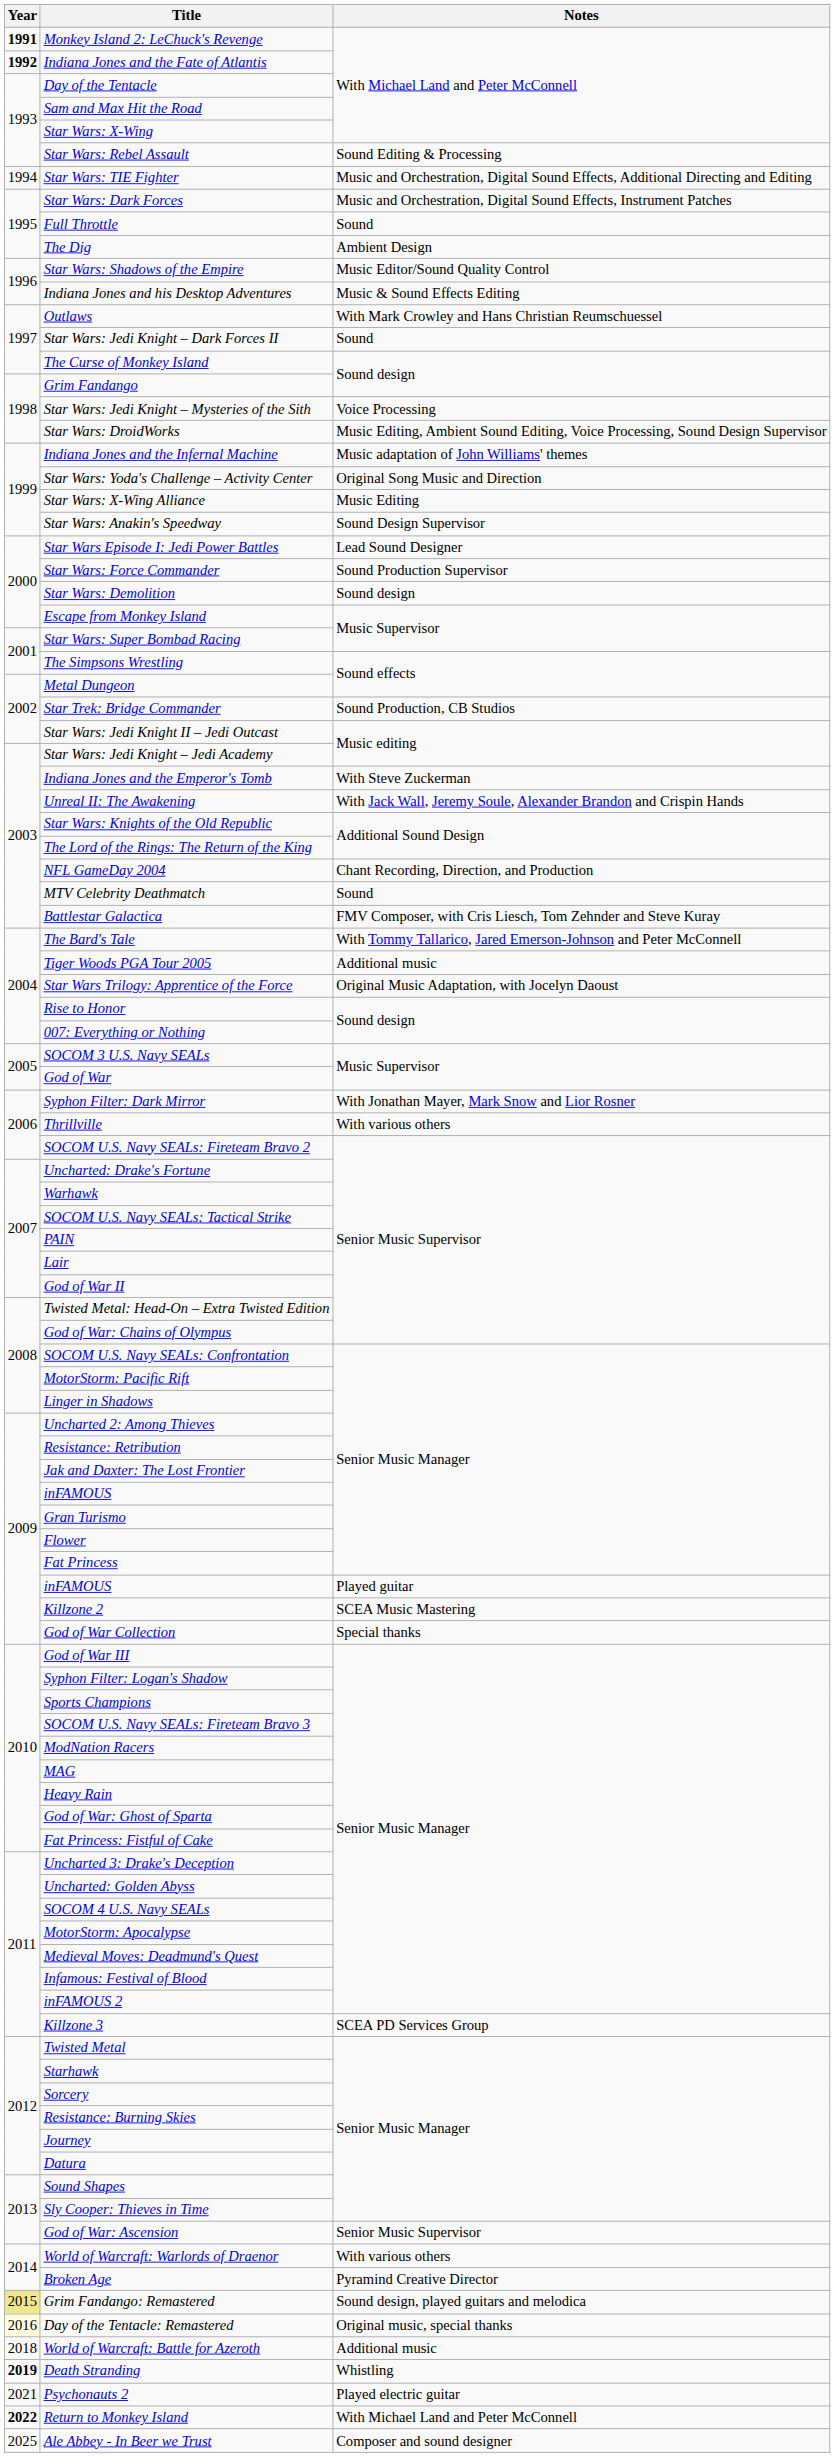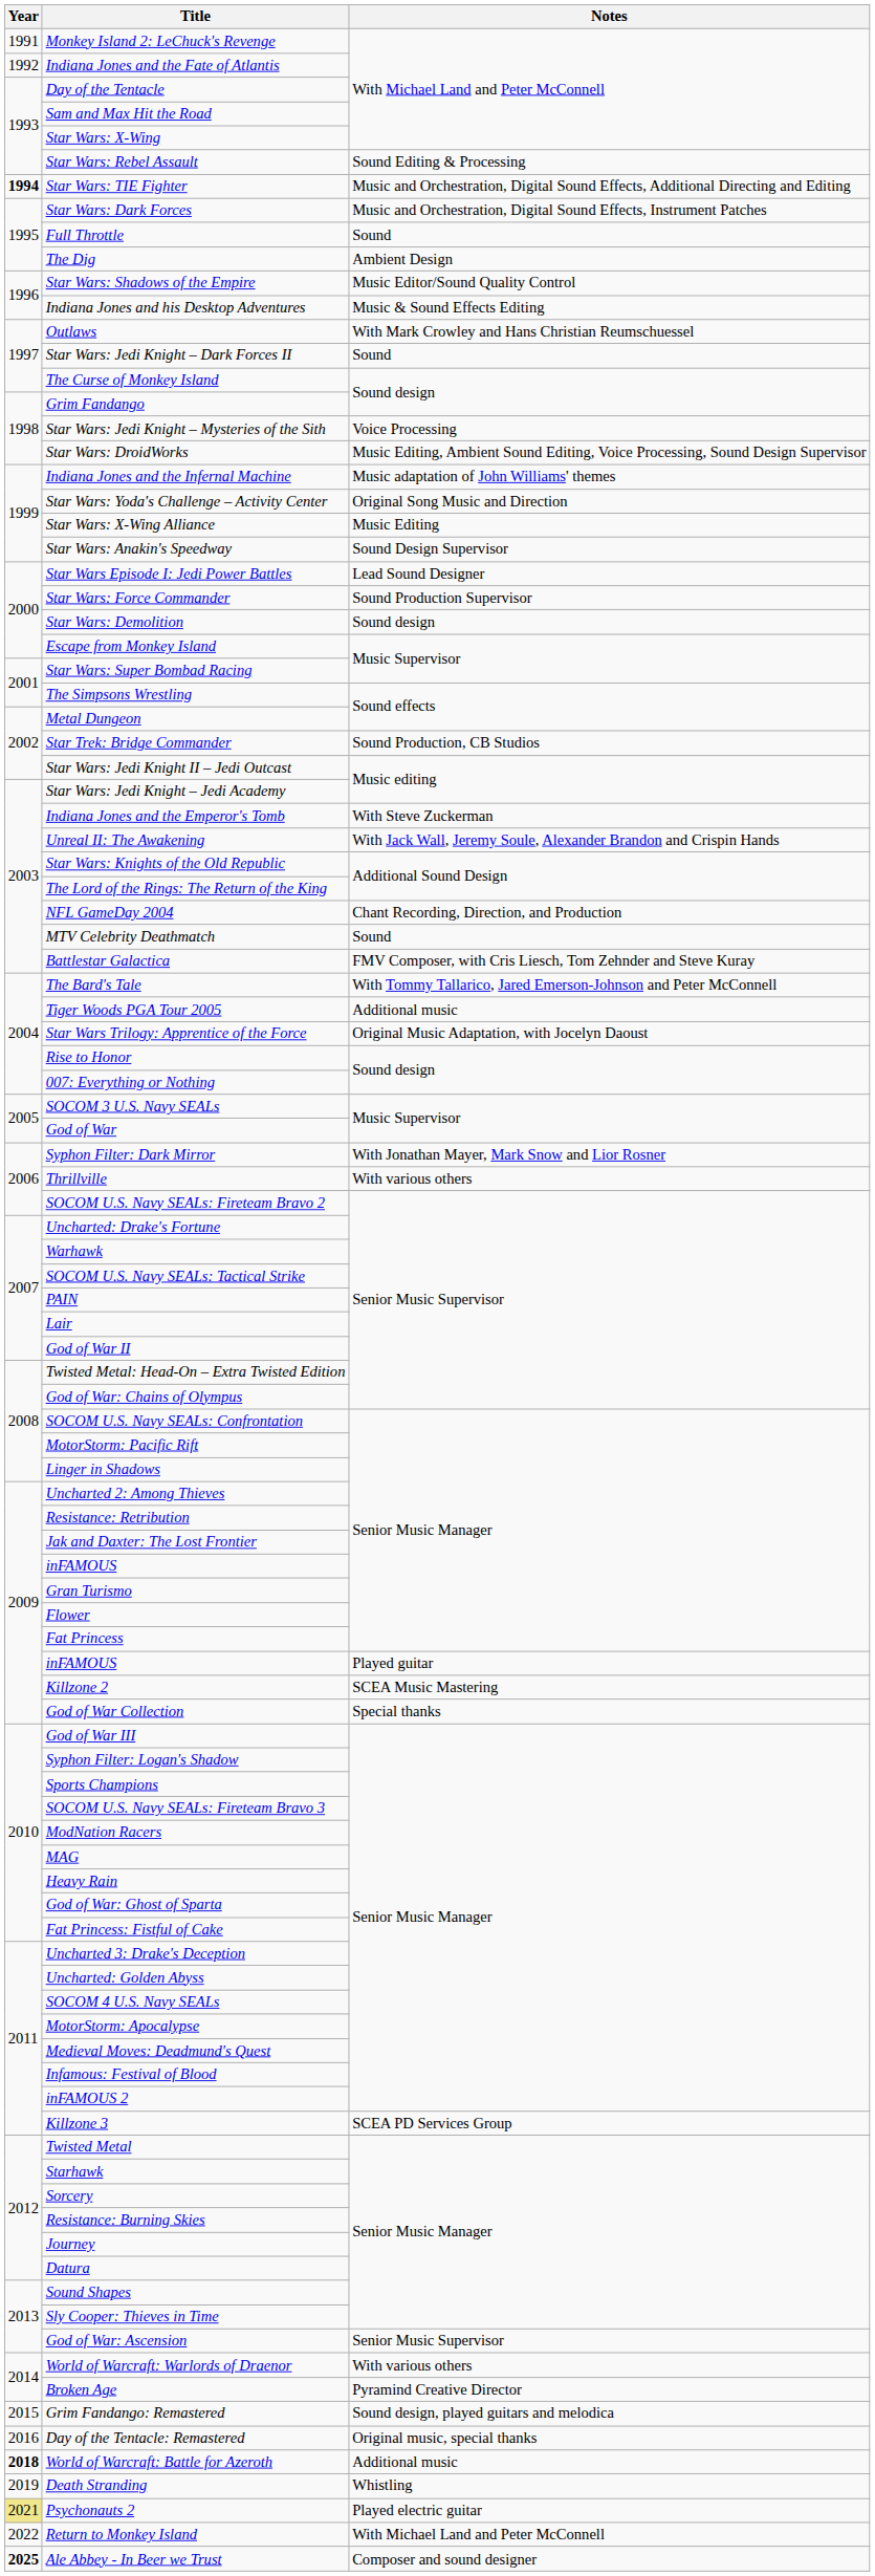 <table class="wikitable sortable">
 <tr>
 <th>Year</th>
 <th>Title</th>
 <th>Notes</th>
 </tr>
 <tr>
-<td><strong>1991</strong></td>
+<td>1991</td>
 <td><em><a href='#'>Monkey Island 2: LeChuck's Revenge</a></em></td>
 <td rowspan=5>With <a href='#'>Michael Land</a> and <a href='#'>Peter McConnell</a></td>
 </tr>
 <tr>
-<td><strong>1992</strong></td>
+<td>1992</td>
 <td><em><a href='#'>Indiana Jones and the Fate of Atlantis</a></em></td>
 </tr>
 <tr>
 <td rowspan=4>1993</td>
 <td><em><a href='#'>Day of the Tentacle</a></em></td>
 </tr>
 <tr>
 <td><em><a href='#'>Sam and Max Hit the Road</a></em></td>
 </tr>
 <tr>
 <td><em><a href='#'>Star Wars: X-Wing</a></em></td>
 </tr>
 <tr>
 <td><em><a href='#'>Star Wars: Rebel Assault</a></em></td>
 <td>Sound Editing & Processing</td>
 </tr>
 <tr>
-<td>1994</td>
+<td><strong>1994</strong></td>
 <td><em><a href='#'>Star Wars: TIE Fighter</a></em></td>
 <td>Music and Orchestration, Digital Sound Effects, Additional Directing and Editing</td>
 </tr>
 <tr>
 <td rowspan=3>1995</td>
 <td><em><a href='#'>Star Wars: Dark Forces</a></em></td>
 <td>Music and Orchestration, Digital Sound Effects, Instrument Patches</td>
 </tr>
 <tr>
 <td><em><a href='#'>Full Throttle</a></em></td>
 <td>Sound</td>
 </tr>
 <tr>
 <td><em><a href='#'>The Dig</a></em></td>
 <td>Ambient Design</td>
 </tr>
 <tr>
 <td rowspan=2>1996</td>
 <td><em><a href='#'>Star Wars: Shadows of the Empire</a></em></td>
 <td>Music Editor/Sound Quality Control</td>
 </tr>
 <tr>
 <td><em>Indiana Jones and his Desktop Adventures</em></td>
 <td>Music & Sound Effects Editing</td>
 </tr>
 <tr>
 <td rowspan=3>1997</td>
 <td><em><a href='#'>Outlaws</a></em></td>
 <td>With Mark Crowley and Hans Christian Reumschuessel</td>
 </tr>
 <tr>
 <td><em>Star Wars: Jedi Knight – Dark Forces II</em></td>
 <td>Sound</td>
 </tr>
 <tr>
 <td><em><a href='#'>The Curse of Monkey Island</a></em></td>
 <td rowspan=2>Sound design</td>
 </tr>
 <tr>
 <td rowspan=3>1998</td>
 <td><em><a href='#'>Grim Fandango</a></em></td>
 </tr>
 <tr>
 <td><em>Star Wars: Jedi Knight – Mysteries of the Sith</em></td>
 <td>Voice Processing</td>
 </tr>
 <tr>
 <td><em>Star Wars: DroidWorks</em></td>
 <td>Music Editing, Ambient Sound Editing, Voice Processing, Sound Design Supervisor</td>
 </tr>
 <tr>
 <td rowspan=4>1999</td>
 <td><em><a href='#'>Indiana Jones and the Infernal Machine</a></em></td>
 <td>Music adaptation of <a href='#'>John Williams</a>' themes</td>
 </tr>
 <tr>
 <td><em>Star Wars: Yoda's Challenge – Activity Center</em></td>
 <td>Original Song Music and Direction</td>
 </tr>
 <tr>
 <td><em>Star Wars: X-Wing Alliance</em></td>
 <td>Music Editing</td>
 </tr>
 <tr>
 <td><em>Star Wars: Anakin's Speedway</em></td>
 <td>Sound Design Supervisor</td>
 </tr>
 <tr>
 <td rowspan=4>2000</td>
 <td><em><a href='#'>Star Wars Episode I: Jedi Power Battles</a></em></td>
 <td>Lead Sound Designer</td>
 </tr>
 <tr>
 <td><em><a href='#'>Star Wars: Force Commander</a></em></td>
 <td>Sound Production Supervisor</td>
 </tr>
 <tr>
 <td><em><a href='#'>Star Wars: Demolition</a></em></td>
 <td>Sound design</td>
 </tr>
 <tr>
 <td><em><a href='#'>Escape from Monkey Island</a></em></td>
 <td rowspan="2">Music Supervisor</td>
 </tr>
 <tr>
 <td rowspan=2>2001</td>
 <td><em><a href='#'>Star Wars: Super Bombad Racing</a></em></td>
 </tr>
 <tr>
 <td><em><a href='#'>The Simpsons Wrestling</a></em></td>
 <td rowspan="2">Sound effects</td>
 </tr>
 <tr>
 <td rowspan=3>2002</td>
 <td><em><a href='#'>Metal Dungeon</a></em></td>
 </tr>
 <tr>
 <td><em><a href='#'>Star Trek: Bridge Commander</a></em></td>
 <td>Sound Production, CB Studios</td>
 </tr>
 <tr>
 <td><em>Star Wars: Jedi Knight II – Jedi Outcast</em></td>
 <td rowspan="2">Music editing</td>
 </tr>
 <tr>
 <td rowspan=8>2003</td>
 <td><em>Star Wars: Jedi Knight – Jedi Academy</em></td>
 </tr>
 <tr>
 <td><em><a href='#'>Indiana Jones and the Emperor's Tomb</a></em></td>
 <td>With Steve Zuckerman</td>
 </tr>
 <tr>
 <td><em><a href='#'>Unreal II: The Awakening</a></em></td>
 <td>With <a href='#'>Jack Wall</a>, <a href='#'>Jeremy Soule</a>, <a href='#'>Alexander Brandon</a> and Crispin Hands</td>
 </tr>
 <tr>
 <td><em><a href='#'>Star Wars: Knights of the Old Republic</a></em></td>
 <td rowspan="2">Additional Sound Design</td>
 </tr>
 <tr>
 <td><em><a href='#'>The Lord of the Rings: The Return of the King</a></em></td>
 </tr>
 <tr>
 <td><em><a href='#'>NFL GameDay 2004</a></em></td>
 <td>Chant Recording, Direction, and Production</td>
 </tr>
 <tr>
 <td><em>MTV Celebrity Deathmatch</em></td>
 <td>Sound</td>
 </tr>
 <tr>
 <td><em><a href='#'>Battlestar Galactica</a></em></td>
 <td>FMV Composer, with Cris Liesch, Tom Zehnder and Steve Kuray</td>
 </tr>
 <tr>
 <td rowspan=5>2004</td>
 <td><em><a href='#'>The Bard's Tale</a></em></td>
 <td>With <a href='#'>Tommy Tallarico</a>, <a href='#'>Jared Emerson-Johnson</a> and Peter McConnell</td>
 </tr>
 <tr>
 <td><em><a href='#'>Tiger Woods PGA Tour 2005</a></em></td>
 <td>Additional music</td>
 </tr>
 <tr>
 <td><em><a href='#'>Star Wars Trilogy: Apprentice of the Force</a></em></td>
 <td>Original Music Adaptation, with Jocelyn Daoust</td>
 </tr>
 <tr>
 <td><em><a href='#'>Rise to Honor</a></em></td>
 <td rowspan=2>Sound design</td>
 </tr>
 <tr>
 <td><em><a href='#'>007: Everything or Nothing</a></em></td>
 </tr>
 <tr>
 <td rowspan=2>2005</td>
 <td><em><a href='#'>SOCOM 3 U.S. Navy SEALs</a></em></td>
 <td rowspan ="2">Music Supervisor</td>
 </tr>
 <tr>
 <td><em><a href='#'>God of War</a></em></td>
 </tr>
 <tr>
 <td rowspan=3>2006</td>
 <td><em><a href='#'>Syphon Filter: Dark Mirror</a></em></td>
 <td>With Jonathan Mayer, <a href='#'>Mark Snow</a> and <a href='#'>Lior Rosner</a></td>
 </tr>
 <tr>
 <td><em><a href='#'>Thrillville</a></em></td>
 <td>With various others</td>
 </tr>
 <tr>
 <td><em><a href='#'>SOCOM U.S. Navy SEALs: Fireteam Bravo 2</a></em></td>
 <td rowspan=9>Senior Music Supervisor</td>
 </tr>
 <tr>
 <td rowspan=6>2007</td>
 <td><em><a href='#'>Uncharted: Drake's Fortune</a></em></td>
 </tr>
 <tr>
 <td><em><a href='#'>Warhawk</a></em></td>
 </tr>
 <tr>
 <td><em><a href='#'>SOCOM U.S. Navy SEALs: Tactical Strike</a></em></td>
 </tr>
 <tr>
 <td><em><a href='#'>PAIN</a></em></td>
 </tr>
 <tr>
 <td><em><a href='#'>Lair</a></em></td>
 </tr>
 <tr>
 <td><em><a href='#'>God of War II</a></em></td>
 </tr>
 <tr>
 <td rowspan=5>2008</td>
 <td><em>Twisted Metal: Head-On – Extra Twisted Edition</em></td>
 </tr>
 <tr>
 <td><em><a href='#'>God of War: Chains of Olympus</a></em></td>
 </tr>
 <tr>
 <td><em><a href='#'>SOCOM U.S. Navy SEALs: Confrontation</a></em></td>
 <td rowspan=10>Senior Music Manager</td>
 </tr>
 <tr>
 <td><em><a href='#'>MotorStorm: Pacific Rift</a></em></td>
 </tr>
 <tr>
 <td><em><a href='#'>Linger in Shadows</a></em></td>
 </tr>
 <tr>
 <td rowspan=10>2009</td>
 <td><em><a href='#'>Uncharted 2: Among Thieves</a></em></td>
 </tr>
 <tr>
 <td><em><a href='#'>Resistance: Retribution</a></em></td>
 </tr>
 <tr>
 <td><em><a href='#'>Jak and Daxter: The Lost Frontier</a></em></td>
 </tr>
 <tr>
 <td><em><a href='#'>inFAMOUS</a></em></td>
 </tr>
 <tr>
 <td><em><a href='#'>Gran Turismo</a></em></td>
 </tr>
 <tr>
 <td><em><a href='#'>Flower</a></em></td>
 </tr>
 <tr>
 <td><em><a href='#'>Fat Princess</a></em></td>
 </tr>
 <tr>
 <td><em><a href='#'>inFAMOUS</a></em></td>
 <td>Played guitar</td>
 </tr>
 <tr>
 <td><em><a href='#'>Killzone 2</a></em></td>
 <td>SCEA Music Mastering</td>
 </tr>
 <tr>
 <td><em><a href='#'>God of War Collection</a></em></td>
 <td>Special thanks</td>
 </tr>
 <tr>
 <td rowspan=9>2010</td>
 <td><em><a href='#'>God of War III</a></em></td>
 <td rowspan=16>Senior Music Manager</td>
 </tr>
 <tr>
 <td><em><a href='#'>Syphon Filter: Logan's Shadow</a></em></td>
 </tr>
 <tr>
 <td><em><a href='#'>Sports Champions</a></em></td>
 </tr>
 <tr>
 <td><em><a href='#'>SOCOM U.S. Navy SEALs: Fireteam Bravo 3</a></em></td>
 </tr>
 <tr>
 <td><em><a href='#'>ModNation Racers</a></em></td>
 </tr>
 <tr>
 <td><em><a href='#'>MAG</a></em></td>
 </tr>
 <tr>
 <td><em><a href='#'>Heavy Rain</a></em></td>
 </tr>
 <tr>
 <td><em><a href='#'>God of War: Ghost of Sparta</a></em></td>
 </tr>
 <tr>
 <td><em><a href='#'>Fat Princess: Fistful of Cake</a></em></td>
 </tr>
 <tr>
 <td rowspan=8>2011</td>
 <td><em><a href='#'>Uncharted 3: Drake's Deception</a></em></td>
 </tr>
 <tr>
 <td><em><a href='#'>Uncharted: Golden Abyss</a></em></td>
 </tr>
 <tr>
 <td><em><a href='#'>SOCOM 4 U.S. Navy SEALs</a></em></td>
 </tr>
 <tr>
 <td><em><a href='#'>MotorStorm: Apocalypse</a></em></td>
 </tr>
 <tr>
 <td><em><a href='#'>Medieval Moves: Deadmund's Quest</a></em></td>
 </tr>
 <tr>
 <td><em><a href='#'>Infamous: Festival of Blood</a></em></td>
 </tr>
 <tr>
 <td><em><a href='#'>inFAMOUS 2</a></em></td>
 </tr>
 <tr>
 <td><em><a href='#'>Killzone 3</a></em></td>
 <td>SCEA PD Services Group</td>
 </tr>
 <tr>
 <td rowspan=6>2012</td>
 <td><em><a href='#'>Twisted Metal</a></em></td>
 <td rowspan=8>Senior Music Manager</td>
 </tr>
 <tr>
 <td><em><a href='#'>Starhawk</a></em></td>
 </tr>
 <tr>
 <td><em><a href='#'>Sorcery</a></em></td>
 </tr>
 <tr>
 <td><em><a href='#'>Resistance: Burning Skies</a></em></td>
 </tr>
 <tr>
 <td><em><a href='#'>Journey</a></em></td>
 </tr>
 <tr>
 <td><em><a href='#'>Datura</a></em></td>
 </tr>
 <tr>
 <td rowspan=3>2013</td>
 <td><em><a href='#'>Sound Shapes</a></em></td>
 </tr>
 <tr>
 <td><em><a href='#'>Sly Cooper: Thieves in Time</a></em></td>
 </tr>
 <tr>
 <td><em><a href='#'>God of War: Ascension</a></em></td>
 <td>Senior Music Supervisor</td>
 </tr>
 <tr>
 <td rowspan=2>2014</td>
 <td><em><a href='#'>World of Warcraft: Warlords of Draenor</a></em></td>
 <td>With various others</td>
 </tr>
 <tr>
 <td><em><a href='#'>Broken Age</a></em></td>
 <td>Pyramind Creative Director</td>
 </tr>
 <tr>
-<td style="background: khaki;">2015</td>
+<td>2015</td>
 <td><em>Grim Fandango: Remastered</em></td>
 <td>Sound design, played guitars and melodica</td>
 </tr>
 <tr>
-<td style="background: lightyellow;">2016</td>
+<td>2016</td>
 <td><em>Day of the Tentacle: Remastered</em></td>
 <td>Original music, special thanks</td>
 </tr>
 <tr>
-<td>2018</td>
+<td><strong>2018</strong></td>
 <td><em><a href='#'>World of Warcraft: Battle for Azeroth</a></em></td>
 <td>Additional music</td>
 </tr>
 <tr>
-<td><strong>2019</strong></td>
+<td>2019</td>
 <td><em><a href='#'>Death Stranding</a></em></td>
 <td>Whistling</td>
 </tr>
 <tr>
-<td>2021</td>
+<td style="background: khaki;">2021</td>
 <td><em><a href='#'>Psychonauts 2</a></em></td>
 <td>Played electric guitar</td>
 </tr>
 <tr>
-<td><strong>2022</strong></td>
+<td>2022</td>
 <td><em><a href='#'>Return to Monkey Island</a></em></td>
 <td>With Michael Land and Peter McConnell</td>
 </tr>
 <tr>
-<td>2025</td>
+<td><strong>2025</strong></td>
 <td><em><a href='#'>Ale Abbey - In Beer we Trust</a></em></td>
 <td>Composer and sound designer</td>
 </tr>
 </table>
